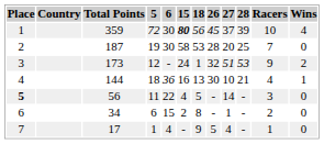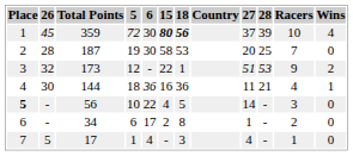 <table border="0" style="border: 1px solid #999; background-color:#FFFFFF; text-align:center">
 <tr align="center" bgcolor="#CCCCCC">
 <th>Place</th>
-<th>Country</th>
+<th>26</th>
 <th>Total Points</th>
 <th>5</th>
 <th>6</th>
 <th>15</th>
 <th>18</th>
-<th>26</th>
+<th>Country</th>
 <th>27</th>
 <th>28</th>
 <th>Racers</th>
 <th>Wins</th>
 </tr>
 <tr bgcolor="#EFEFEF">
 <td>1</td>
-<td align="left"></td>
+<td><em>45</em></td>
 <td>359</td>
 <td><em>72</em></td>
 <td>30</td>
 <td><strong><em>80</em></strong></td>
-<td><em>56</em></td>
-<td><em>45</em></td>
+<td><strong><em>56</em></strong></td>
+<td align="left"></td>
 <td>37</td>
 <td>39</td>
 <td>10</td>
 <td>4</td>
 </tr>
 <tr>
 <td>2</td>
-<td align="left"></td>
+<td>28</td>
 <td>187</td>
 <td>19</td>
 <td>30</td>
 <td>58</td>
 <td>53</td>
-<td>28</td>
+<td align="left"></td>
 <td>20</td>
 <td>25</td>
 <td>7</td>
 <td>0</td>
 </tr>
 <tr bgcolor="#EFEFEF">
 <td>3</td>
-<td align="left"></td>
+<td>32</td>
 <td>173</td>
 <td>12</td>
 <td>-</td>
-<td>24</td>
+<td>22</td>
 <td>1</td>
-<td>32</td>
+<td align="left"></td>
 <td><em>51</em></td>
 <td><em>53</em></td>
 <td>9</td>
 <td>2</td>
 </tr>
 <tr>
 <td>4</td>
-<td align="left"></td>
+<td>30</td>
 <td>144</td>
 <td>18</td>
 <td><em>36</em></td>
 <td>16</td>
-<td>13</td>
-<td>30</td>
-<td>10</td>
+<td>36</td>
+<td align="left"></td>
+<td>11</td>
 <td>21</td>
 <td>4</td>
 <td>1</td>
 </tr>
 <tr bgcolor="#EFEFEF">
 <td><strong>5</strong></td>
-<td align="left"></td>
+<td>-</td>
 <td>56</td>
-<td>11</td>
+<td>10</td>
 <td>22</td>
 <td>4</td>
 <td>5</td>
-<td>-</td>
+<td align="left"></td>
 <td>14</td>
 <td>-</td>
 <td>3</td>
 <td>0</td>
 </tr>
 <tr>
 <td>6</td>
-<td align="left"></td>
+<td>-</td>
 <td>34</td>
 <td>6</td>
-<td>15</td>
+<td>17</td>
 <td>2</td>
 <td>8</td>
-<td>-</td>
+<td align="left"></td>
 <td>1</td>
 <td>-</td>
 <td>2</td>
 <td>0</td>
 </tr>
 <tr bgcolor="#EFEFEF">
 <td>7</td>
-<td align="left"></td>
+<td>5</td>
 <td>17</td>
 <td>1</td>
 <td>4</td>
 <td>-</td>
-<td>9</td>
-<td>5</td>
+<td>3</td>
+<td align="left"></td>
 <td>4</td>
 <td>-</td>
 <td>1</td>
 <td>0</td>
 </tr>
 </table>
